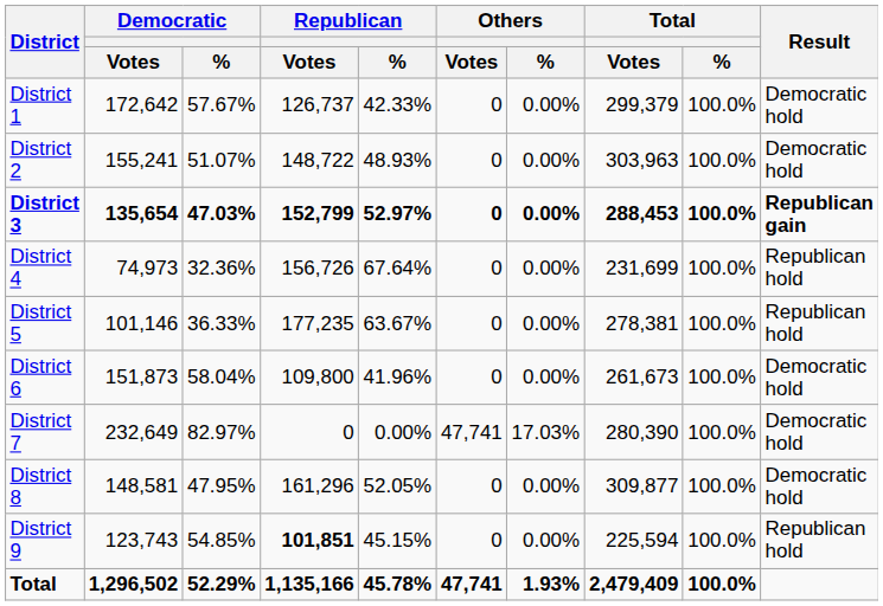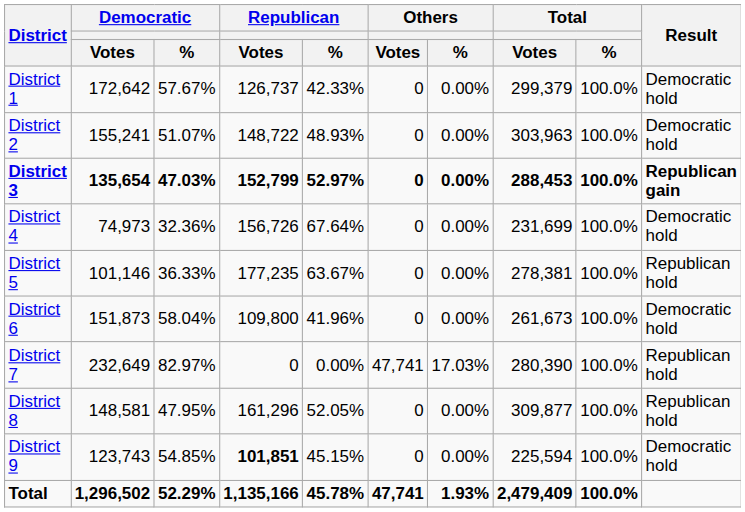 <table class="wikitable plainrowheaders sortable" style="font-size:100%; text-align:right;">
 <tr>
 <th scope=col rowspan=3><a href='#'>District</a></th>
 <th scope=col colspan=2><a href='#'>Democratic</a></th>
 <th scope=col colspan=2><a href='#'>Republican</a></th>
 <th scope=col colspan=2>Others</th>
 <th scope=col colspan=2>Total</th>
 <th scope=col rowspan=3>Result</th>
 </tr>
 <tr>
 <th scope=col colspan=2 style="background:"></th>
 <th scope=col colspan=2 style="background:"></th>
 <th scope=col colspan=2></th>
 <th scope=col colspan=2></th>
 </tr>
 <tr>
 <th scope=col data-sort-type="number">Votes</th>
 <th scope=col data-sort-type="number">%</th>
 <th scope=col data-sort-type="number">Votes</th>
 <th scope=col data-sort-type="number">%</th>
 <th scope=col data-sort-type="number">Votes</th>
 <th scope=col data-sort-type="number">%</th>
 <th scope=col data-sort-type="number">Votes</th>
 <th scope=col data-sort-type="number">%</th>
 </tr>
 <tr>
 <td align=left><a href='#'>District 1</a></td>
 <td>172,642</td>
 <td>57.67%</td>
 <td>126,737</td>
 <td>42.33%</td>
 <td>0</td>
 <td>0.00%</td>
 <td>299,379</td>
 <td>100.0%</td>
 <td align=left>Democratic hold</td>
 </tr>
 <tr>
 <td align=left><a href='#'>District 2</a></td>
 <td>155,241</td>
 <td>51.07%</td>
 <td>148,722</td>
 <td>48.93%</td>
 <td>0</td>
 <td>0.00%</td>
 <td>303,963</td>
 <td>100.0%</td>
 <td align=left>Democratic hold</td>
 </tr>
 <tr>
 <td align=left><strong><a href='#'>District 3</a></strong></td>
 <td><strong>135,654</strong></td>
 <td><strong>47.03%</strong></td>
 <td><strong>152,799</strong></td>
 <td><strong>52.97%</strong></td>
 <td><strong>0</strong></td>
 <td><strong>0.00%</strong></td>
 <td><strong>288,453</strong></td>
 <td><strong>100.0%</strong></td>
 <td align=left><strong>Republican gain</strong></td>
 </tr>
 <tr>
 <td align=left><a href='#'>District 4</a></td>
 <td>74,973</td>
 <td>32.36%</td>
 <td>156,726</td>
 <td>67.64%</td>
 <td>0</td>
 <td>0.00%</td>
 <td>231,699</td>
 <td>100.0%</td>
-<td align=left>Republican hold</td>
+<td align=left>Democratic hold</td>
 </tr>
 <tr>
 <td align=left><a href='#'>District 5</a></td>
 <td>101,146</td>
 <td>36.33%</td>
 <td>177,235</td>
 <td>63.67%</td>
 <td>0</td>
 <td>0.00%</td>
 <td>278,381</td>
 <td>100.0%</td>
 <td align=left>Republican hold</td>
 </tr>
 <tr>
 <td align=left><a href='#'>District 6</a></td>
 <td>151,873</td>
 <td>58.04%</td>
 <td>109,800</td>
 <td>41.96%</td>
 <td>0</td>
 <td>0.00%</td>
 <td>261,673</td>
 <td>100.0%</td>
 <td align=left>Democratic hold</td>
 </tr>
 <tr>
 <td align=left><a href='#'>District 7</a></td>
 <td>232,649</td>
 <td>82.97%</td>
 <td>0</td>
 <td>0.00%</td>
 <td>47,741</td>
 <td>17.03%</td>
 <td>280,390</td>
 <td>100.0%</td>
-<td align=left>Democratic hold</td>
+<td align=left>Republican hold</td>
 </tr>
 <tr>
 <td align=left><a href='#'>District 8</a></td>
 <td>148,581</td>
 <td>47.95%</td>
 <td>161,296</td>
 <td>52.05%</td>
 <td>0</td>
 <td>0.00%</td>
 <td>309,877</td>
 <td>100.0%</td>
-<td align=left>Democratic hold</td>
+<td align=left>Republican hold</td>
 </tr>
 <tr>
 <td align=left><a href='#'>District 9</a></td>
 <td>123,743</td>
 <td>54.85%</td>
 <td><strong>101,851</strong></td>
 <td>45.15%</td>
 <td>0</td>
 <td>0.00%</td>
 <td>225,594</td>
 <td>100.0%</td>
-<td align=left>Republican hold</td>
+<td align=left>Democratic hold</td>
 </tr>
 <tr class="sortbottom" style="font-weight:bold">
 <td align=left>Total</td>
 <td>1,296,502</td>
 <td>52.29%</td>
 <td>1,135,166</td>
 <td>45.78%</td>
 <td>47,741</td>
 <td>1.93%</td>
 <td>2,479,409</td>
 <td>100.0%</td>
 <td></td>
 </tr>
 </table>
